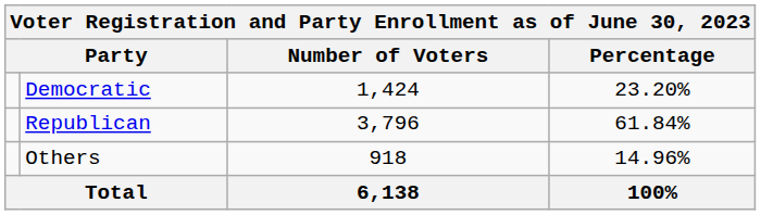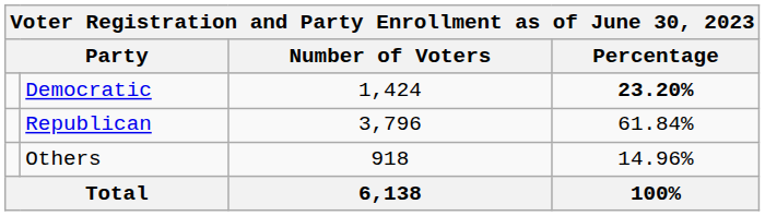 <table class=wikitable>
 <tr>
 <th colspan = 6>Voter Registration and Party Enrollment as of June 30, 2023</th>
 </tr>
 <tr>
 <th colspan = 2>Party</th>
 <th>Number of Voters</th>
 <th>Percentage</th>
 </tr>
 <tr>
 <td></td>
 <td><a href='#'>Democratic</a></td>
 <td align = center>1,424</td>
-<td align = center>23.20%</td>
+<td align = center><strong>23.20%</strong></td>
 </tr>
 <tr>
 <td></td>
 <td><a href='#'>Republican</a></td>
 <td align = center>3,796</td>
 <td align = center>61.84%</td>
 </tr>
 <tr>
 <td></td>
 <td>Others</td>
 <td align = center>918</td>
 <td align = center>14.96%</td>
 </tr>
 <tr>
 <th colspan = 2>Total</th>
 <th align = center>6,138</th>
 <th align = center>100%</th>
 </tr>
 </table>
